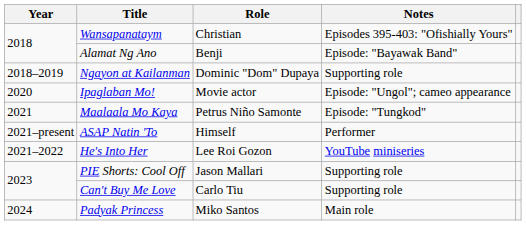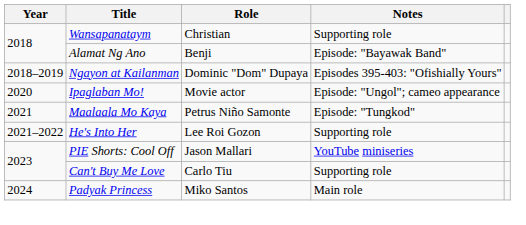 <table class="wikitable sortable" style="font-size:101%">
 <tr>
 <th>Year</th>
 <th>Title</th>
 <th>Role</th>
 <th>Notes</th>
 <th></th>
 </tr>
 <tr>
 <td rowspan="2">2018</td>
 <td><em><a href='#'>Wansapanataym</a></em></td>
 <td>Christian</td>
-<td>Episodes 395-403: "Ofishially Yours"</td>
+<td>Supporting role</td>
 <td></td>
 </tr>
 <tr>
 <td><em>Alamat Ng Ano</em></td>
 <td>Benji</td>
 <td>Episode: "Bayawak Band"</td>
 <td></td>
 </tr>
 <tr>
 <td>2018–2019</td>
 <td><em><a href='#'>Ngayon at Kailanman</a></em></td>
 <td>Dominic "Dom" Dupaya</td>
-<td>Supporting role</td>
+<td>Episodes 395-403: "Ofishially Yours"</td>
 <td></td>
 </tr>
 <tr>
 <td>2020</td>
 <td><em><a href='#'>Ipaglaban Mo!</a></em></td>
 <td>Movie actor</td>
 <td>Episode: "Ungol"; cameo appearance</td>
 <td></td>
 </tr>
 <tr>
 <td>2021</td>
 <td><em><a href='#'>Maalaala Mo Kaya</a></em></td>
 <td>Petrus Niño Samonte</td>
 <td>Episode: "Tungkod"</td>
 <td></td>
 </tr>
 <tr>
-<td>2021–present</td>
-<td><em><a href='#'>ASAP Natin 'To</a></em></td>
-<td>Himself</td>
-<td>Performer</td>
-<td></td>
-</tr>
-<tr>
 <td>2021–2022</td>
 <td><em><a href='#'>He's Into Her</a></em></td>
 <td>Lee Roi Gozon</td>
-<td><a href='#'>YouTube</a> <a href='#'>miniseries</a></td>
+<td>Supporting role</td>
 <td></td>
 </tr>
 <tr>
 <td rowspan="2">2023</td>
 <td><em><a href='#'>PIE</a> Shorts: Cool Off</em></td>
 <td>Jason Mallari</td>
-<td>Supporting role</td>
+<td><a href='#'>YouTube</a> <a href='#'>miniseries</a></td>
 <td></td>
 </tr>
 <tr>
 <td><em><a href='#'>Can't Buy Me Love</a></em></td>
 <td>Carlo Tiu</td>
 <td>Supporting role</td>
 <td></td>
 </tr>
 <tr>
 <td>2024</td>
 <td><em><a href='#'>Padyak Princess</a></em></td>
 <td>Miko Santos</td>
 <td>Main role</td>
 <td></td>
 </tr>
 </table>
